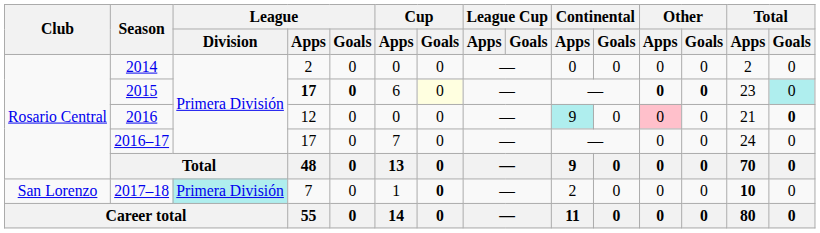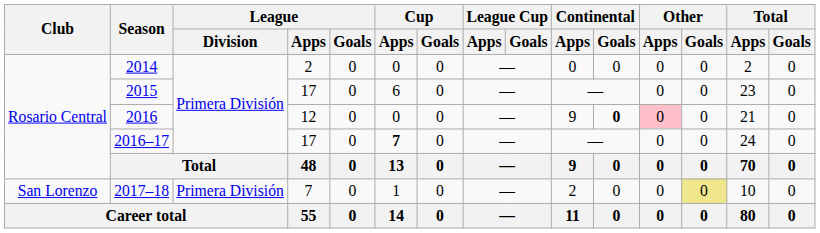 <table class="wikitable" style="text-align:center">
 <tr>
 <th rowspan="2">Club</th>
 <th rowspan="2">Season</th>
 <th colspan="3">League</th>
 <th colspan="2">Cup</th>
 <th colspan="2">League Cup</th>
 <th colspan="2">Continental</th>
 <th colspan="2">Other</th>
 <th colspan="2">Total</th>
 </tr>
 <tr>
 <th>Division</th>
 <th>Apps</th>
 <th>Goals</th>
 <th>Apps</th>
 <th>Goals</th>
 <th>Apps</th>
 <th>Goals</th>
 <th>Apps</th>
 <th>Goals</th>
 <th>Apps</th>
 <th>Goals</th>
 <th>Apps</th>
 <th>Goals</th>
 </tr>
 <tr>
 <td rowspan="5"><a href='#'>Rosario Central</a></td>
 <td><a href='#'>2014</a></td>
 <td rowspan="4"><a href='#'>Primera División</a></td>
 <td>2</td>
 <td>0</td>
 <td>0</td>
 <td>0</td>
 <td colspan="2">—</td>
 <td>0</td>
 <td>0</td>
 <td>0</td>
 <td>0</td>
 <td>2</td>
 <td>0</td>
 </tr>
 <tr>
 <td><a href='#'>2015</a></td>
-<td><strong>17</strong></td>
-<td><strong>0</strong></td>
+<td>17</td>
+<td>0</td>
 <td>6</td>
-<td style="background: lightyellow;">0</td>
+<td>0</td>
 <td colspan="2">—</td>
 <td colspan="2">—</td>
-<td><strong>0</strong></td>
-<td><strong>0</strong></td>
+<td>0</td>
+<td>0</td>
 <td>23</td>
-<td style="background: paleturquoise;">0</td>
+<td>0</td>
 </tr>
 <tr>
 <td><a href='#'>2016</a></td>
 <td>12</td>
 <td>0</td>
 <td>0</td>
 <td>0</td>
 <td colspan="2">—</td>
-<td style="background: paleturquoise;">9</td>
-<td>0</td>
+<td>9</td>
+<td><strong>0</strong></td>
 <td style="background: pink;">0</td>
 <td>0</td>
 <td>21</td>
-<td><strong>0</strong></td>
+<td>0</td>
 </tr>
 <tr>
 <td><a href='#'>2016–17</a></td>
 <td>17</td>
 <td>0</td>
-<td>7</td>
+<td><strong>7</strong></td>
 <td>0</td>
 <td colspan="2">—</td>
 <td colspan="2">—</td>
 <td>0</td>
 <td>0</td>
 <td>24</td>
 <td>0</td>
 </tr>
 <tr>
 <th colspan="2">Total</th>
 <th>48</th>
 <th>0</th>
 <th>13</th>
 <th>0</th>
 <th colspan="2">—</th>
 <th>9</th>
 <th>0</th>
 <th>0</th>
 <th>0</th>
 <th>70</th>
 <th>0</th>
 </tr>
 <tr>
 <td rowspan="1"><a href='#'>San Lorenzo</a></td>
 <td><a href='#'>2017–18</a></td>
-<td rowspan="1" style="background: paleturquoise;"><a href='#'>Primera División</a></td>
+<td rowspan="1"><a href='#'>Primera División</a></td>
 <td>7</td>
 <td>0</td>
 <td>1</td>
-<td><strong>0</strong></td>
+<td>0</td>
 <td colspan="2">—</td>
 <td>2</td>
 <td>0</td>
 <td>0</td>
-<td>0</td>
-<td><strong>10</strong></td>
+<td style="background: khaki;">0</td>
+<td>10</td>
 <td>0</td>
 </tr>
 <tr>
 <th colspan="3">Career total</th>
 <th>55</th>
 <th>0</th>
 <th>14</th>
 <th>0</th>
 <th colspan="2">—</th>
 <th>11</th>
 <th>0</th>
 <th>0</th>
 <th>0</th>
 <th>80</th>
 <th>0</th>
 </tr>
 </table>
